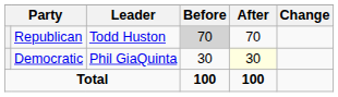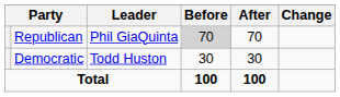 <table class="wikitable" style="text-align:center;">
 <tr>
 </tr>
 <tr>
 <th colspan="2">Party</th>
 <th>Leader</th>
 <th style="width:3em">Before</th>
 <th style="width:3em">After</th>
 <th style="width:3em">Change</th>
 </tr>
 <tr>
 <th style="background-color:"></th>
 <td style="text-align:left;"><a href='#'>Republican</a></td>
-<td style="text-align:left;"><a href='#'>Todd Huston</a></td>
+<td style="text-align:left;"><a href='#'>Phil GiaQuinta</a></td>
 <td style="background: lightgrey;">70</td>
 <td>70</td>
 <td></td>
 </tr>
 <tr>
 <th style="background-color:"></th>
 <td style="text-align:left;"><a href='#'>Democratic</a></td>
-<td style="text-align:left;"><a href='#'>Phil GiaQuinta</a></td>
+<td style="text-align:left;"><a href='#'>Todd Huston</a></td>
 <td>30</td>
-<td style="background: lightyellow;">30</td>
+<td>30</td>
 <td></td>
 </tr>
 <tr>
 <td colspan="3"><strong>Total</strong></td>
 <td><strong>100</strong></td>
 <td><strong>100</strong></td>
 <td></td>
 </tr>
 </table>
